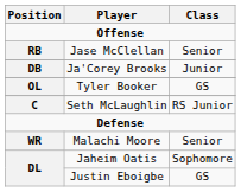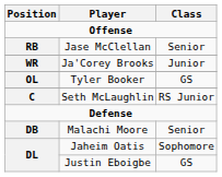 <table class="wikitable">
 <tr>
 <th>Position</th>
 <th>Player</th>
 <th>Class</th>
 </tr>
 <tr>
 <td colspan="4" style="text-align:center; "><strong>Offense</strong></td>
 </tr>
 <tr style="text-align:center;">
 <th rowspan="1">RB</th>
 <td>Jase McClellan</td>
 <td>Senior</td>
 </tr>
 <tr>
 </tr>
 <tr style="text-align:center;">
-<th rowspan="1">DB</th>
+<th rowspan="1">WR</th>
 <td>Ja'Corey Brooks</td>
 <td>Junior</td>
 </tr>
 <tr>
 </tr>
 <tr style="text-align:center;">
 <th rowspan="1">OL</th>
 <td>Tyler Booker</td>
 <td>GS</td>
 </tr>
 <tr>
 </tr>
 <tr style="text-align:center;">
 <th rowspan="1">C</th>
 <td>Seth McLaughlin</td>
 <td>RS Junior</td>
 </tr>
 <tr>
 <td colspan="4" style="text-align:center; "><strong>Defense</strong></td>
 </tr>
 <tr style="text-align:center;">
-<th rowspan="1">WR</th>
+<th rowspan="1">DB</th>
 <td>Malachi Moore</td>
 <td>Senior</td>
 </tr>
 <tr style="text-align:center;">
 <th rowspan="2">DL</th>
 <td>Jaheim Oatis</td>
 <td>Sophomore</td>
 </tr>
 <tr style="text-align:center;">
 <td>Justin Eboigbe</td>
 <td>GS</td>
 </tr>
 </table>
